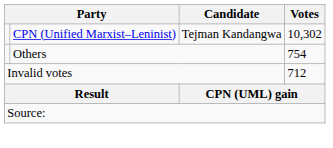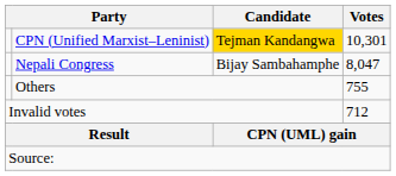 <table class="wikitable">
 <tr>
 <th colspan="2">Party</th>
 <th>Candidate</th>
 <th>Votes</th>
 </tr>
 <tr>
 <td style="background-color:"></td>
 <td><a href='#'>CPN (Unified Marxist–Leninist)</a></td>
-<td>Tejman Kandangwa</td>
-<td>10,302</td>
+<td style="background: gold;">Tejman Kandangwa</td>
+<td>10,301</td>
+</tr>
+<tr>
+<td style="background-color:"></td>
+<td><a href='#'>Nepali Congress</a></td>
+<td>Bijay Sambahamphe</td>
+<td>8,047</td>
 </tr>
 <tr>
 <td></td>
 <td colspan="2">Others</td>
-<td>754</td>
+<td>755</td>
 </tr>
 <tr>
 <td colspan="3">Invalid votes</td>
 <td>712</td>
 </tr>
 <tr>
 <th colspan="2">Result</th>
 <th colspan="2">CPN (UML) gain</th>
 </tr>
 <tr>
 <td colspan="4">Source: </td>
 </tr>
 </table>
